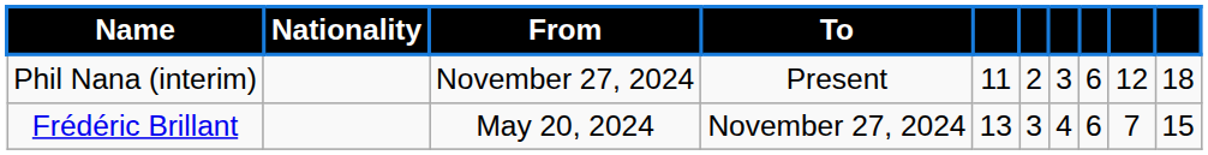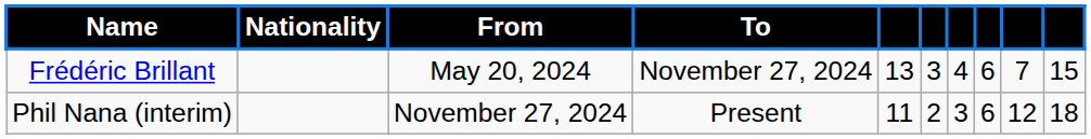 <table class="wikitable" style="text-align: center;">
 <tr>
 <th style="background:#000000; color:#FFFFFF; border:2px solid #187cdc;" scope="col">Name</th>
 <th style="background:#000000; color:#FFFFFF; border:2px solid #187cdc;" scope="col">Nationality</th>
 <th style="background:#000000; color:#FFFFFF; border:2px solid #187cdc;" scope="col">From</th>
 <th style="background:#000000; color:#FFFFFF; border:2px solid #187cdc;" scope="col">To</th>
 <th style="background:#000000; color:#FFFFFF; border:2px solid #187cdc;" scope="col"></th>
 <th style="background:#000000; color:#FFFFFF; border:2px solid #187cdc;" scope="col"></th>
 <th style="background:#000000; color:#FFFFFF; border:2px solid #187cdc;" scope="col"></th>
 <th style="background:#000000; color:#FFFFFF; border:2px solid #187cdc;" scope="col"></th>
 <th style="background:#000000; color:#FFFFFF; border:2px solid #187cdc;" scope="col"></th>
 <th style="background:#000000; color:#FFFFFF; border:2px solid #187cdc;" scope="col"></th>
 </tr>
 <tr>
+<td {{sortname><a href='#'>Frédéric Brillant</a></td>
+<td></td>
+<td style="text-align:center;">May 20, 2024</td>
+<td style="text-align:center;">November 27, 2024</td>
+<td>13</td>
+<td>3</td>
+<td>4</td>
+<td>6</td>
+<td>7</td>
+<td>15</td>
+</tr>
+<tr>
 <td {{sortname>Phil Nana (interim)</td>
 <td></td>
 <td style="text-align:center;">November 27, 2024</td>
 <td style="text-align:center;">Present</td>
 <td>11</td>
 <td>2</td>
 <td>3</td>
 <td>6</td>
 <td>12</td>
 <td>18</td>
 </tr>
-<tr>
-<td {{sortname><a href='#'>Frédéric Brillant</a></td>
-<td></td>
-<td style="text-align:center;">May 20, 2024</td>
-<td style="text-align:center;">November 27, 2024</td>
-<td>13</td>
-<td>3</td>
-<td>4</td>
-<td>6</td>
-<td>7</td>
-<td>15</td>
-</tr>
 </table>
